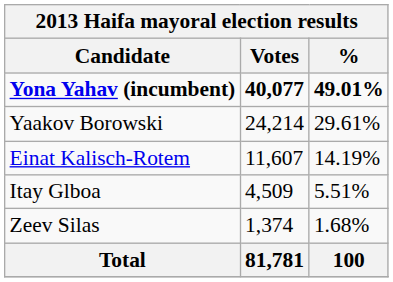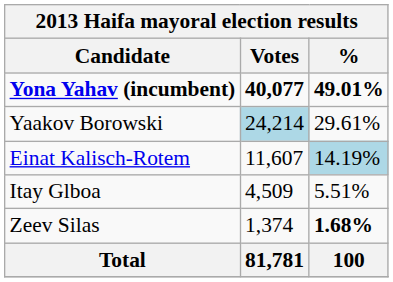 <table class="wikitable sortable">
 <tr>
 <th colspan=3><strong>2013 Haifa mayoral election results</strong></th>
 </tr>
 <tr>
 <th>Candidate</th>
 <th>Votes</th>
 <th>%</th>
 </tr>
 <tr>
 <td><strong><a href='#'>Yona Yahav</a> (incumbent)</strong></td>
 <td><strong>40,077</strong></td>
 <td><strong>49.01%</strong></td>
 </tr>
 <tr>
 <td>Yaakov Borowski</td>
-<td>24,214</td>
+<td style="background: lightblue;">24,214</td>
 <td>29.61%</td>
 </tr>
 <tr>
 <td><a href='#'>Einat Kalisch-Rotem</a></td>
 <td>11,607</td>
-<td>14.19%</td>
+<td style="background: lightblue;">14.19%</td>
 </tr>
 <tr>
 <td>Itay Glboa</td>
 <td>4,509</td>
 <td>5.51%</td>
 </tr>
 <tr>
 <td>Zeev Silas</td>
 <td>1,374</td>
-<td>1.68%</td>
+<td><strong>1.68%</strong></td>
 </tr>
 <tr>
 <th>Total</th>
 <th>81,781</th>
 <th>100</th>
 </tr>
 <tr>
 </tr>
 </table>
